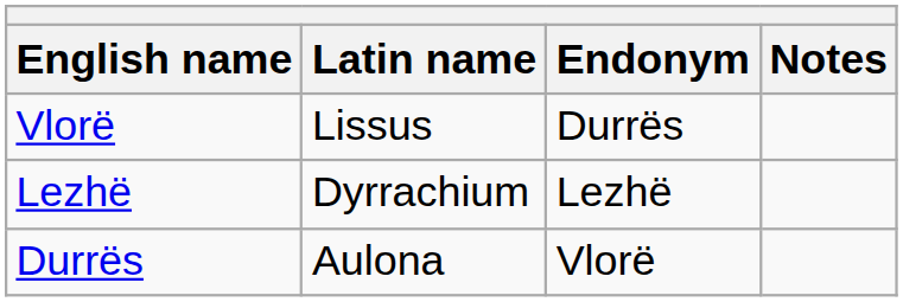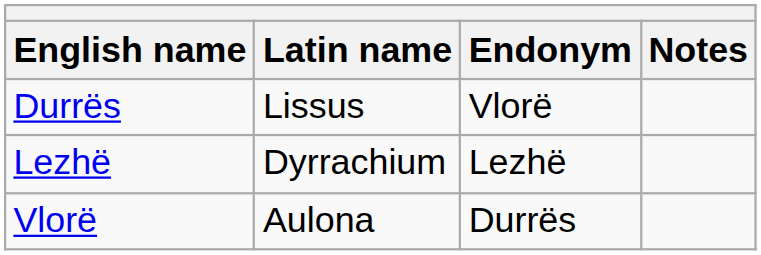 <table class="wikitable sortable">
 <tr>
 <th colspan="4"></th>
 </tr>
 <tr>
 <th>English name</th>
 <th>Latin name</th>
 <th>Endonym</th>
 <th>Notes</th>
 </tr>
 <tr>
-<td><a href='#'>Vlorë</a></td>
+<td><a href='#'>Durrës</a></td>
 <td>Lissus</td>
-<td>Durrës</td>
+<td>Vlorë</td>
 <td></td>
 </tr>
 <tr>
 <td><a href='#'>Lezhë</a></td>
 <td>Dyrrachium</td>
 <td>Lezhë</td>
 <td></td>
 </tr>
 <tr>
-<td><a href='#'>Durrës</a></td>
+<td><a href='#'>Vlorë</a></td>
 <td>Aulona</td>
-<td>Vlorë</td>
+<td>Durrës</td>
 <td></td>
 </tr>
 </table>
